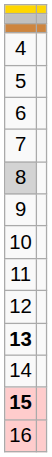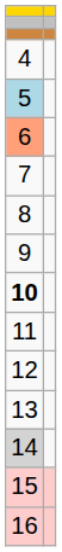 <table class="wikitable">
 <tr style="background:gold;">
 <td align=center></td>
 <td></td>
 </tr>
 <tr style="background:silver;">
 <td align=center></td>
 <td></td>
 </tr>
 <tr style="background:peru;">
 <td align=center></td>
 <td></td>
 </tr>
 <tr>
 <td align=center>4</td>
 <td></td>
 </tr>
 <tr>
-<td align=center>5</td>
+<td align=center style="background: lightblue;">5</td>
 <td></td>
 </tr>
 <tr>
-<td align=center>6</td>
+<td align=center style="background: lightsalmon;">6</td>
 <td></td>
 </tr>
 <tr>
 <td align=center>7</td>
 <td></td>
 </tr>
 <tr>
-<td align=center style="background: lightgrey;">8</td>
+<td align=center>8</td>
 <td></td>
 </tr>
 <tr>
 <td align=center>9</td>
 <td></td>
 </tr>
 <tr>
-<td align=center>10</td>
+<td align=center><strong>10</strong></td>
 <td></td>
 </tr>
 <tr>
 <td align=center>11</td>
 <td></td>
 </tr>
 <tr>
 <td align=center>12</td>
 <td></td>
 </tr>
 <tr>
-<td align=center><strong>13</strong></td>
+<td align=center>13</td>
 <td></td>
 </tr>
 <tr>
-<td align=center>14</td>
+<td align=center style="background: lightgrey;">14</td>
 <td></td>
 </tr>
 <tr style="background:#ffcccc;">
-<td align=center><strong>15</strong></td>
+<td align=center>15</td>
 <td></td>
 </tr>
 <tr style="background:#ffcccc;">
 <td align=center>16</td>
 <td></td>
 </tr>
 </table>
